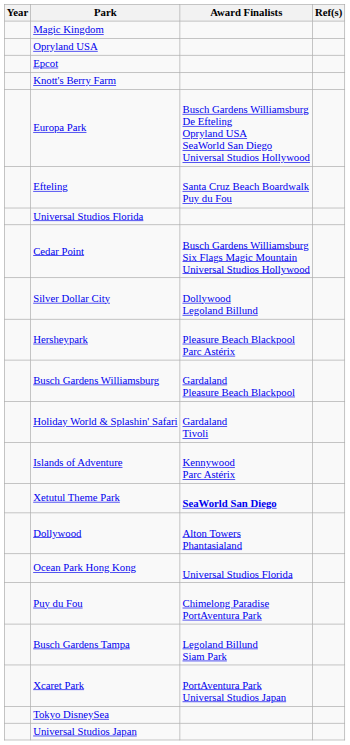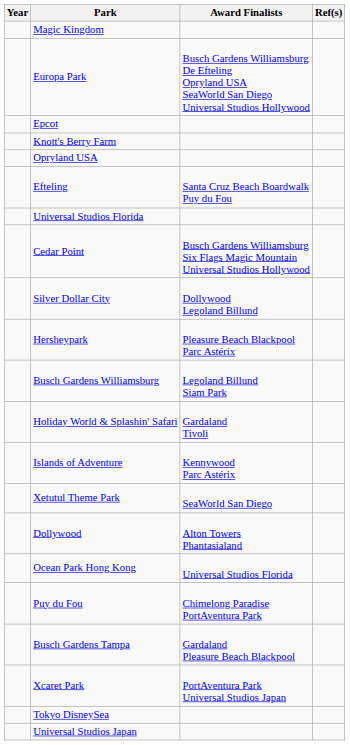 <table class="wikitable sortable">
 <tr>
 <th>Year</th>
 <th>Park</th>
 <th class="unsortable">Award Finalists</th>
 <th class="unsortable">Ref(s)</th>
 </tr>
 <tr>
 <td></td>
 <td> <a href='#'>Magic Kingdom</a></td>
 <td></td>
 <td></td>
 </tr>
 <tr>
 <td></td>
-<td> <a href='#'>Opryland USA</a></td>
-<td></td>
+<td> <a href='#'>Europa Park</a></td>
+<td><br><a href='#'>Busch Gardens Williamsburg</a> <br><a href='#'>De Efteling</a> <br><a href='#'>Opryland USA</a> <br><a href='#'>SeaWorld San Diego</a> <br><a href='#'>Universal Studios Hollywood</a></td>
 <td></td>
 </tr>
 <tr>
 <td></td>
 <td> <a href='#'>Epcot</a></td>
 <td></td>
 <td></td>
 </tr>
 <tr>
 <td></td>
 <td> <a href='#'>Knott's Berry Farm</a></td>
 <td></td>
 <td></td>
 </tr>
 <tr>
 <td></td>
-<td> <a href='#'>Europa Park</a></td>
-<td><br><a href='#'>Busch Gardens Williamsburg</a> <br><a href='#'>De Efteling</a> <br><a href='#'>Opryland USA</a> <br><a href='#'>SeaWorld San Diego</a> <br><a href='#'>Universal Studios Hollywood</a></td>
+<td> <a href='#'>Opryland USA</a></td>
+<td></td>
 <td></td>
 </tr>
 <tr>
 <td></td>
 <td> <a href='#'>Efteling</a></td>
 <td><br><a href='#'>Santa Cruz Beach Boardwalk</a> <br><a href='#'>Puy du Fou</a></td>
 <td></td>
 </tr>
 <tr>
 <td></td>
 <td> <a href='#'>Universal Studios Florida</a></td>
 <td></td>
 <td></td>
 </tr>
 <tr>
 <td></td>
 <td> <a href='#'>Cedar Point</a></td>
 <td><br><a href='#'>Busch Gardens Williamsburg</a> <br><a href='#'>Six Flags Magic Mountain</a> <br><a href='#'>Universal Studios Hollywood</a></td>
 <td></td>
 </tr>
 <tr>
 <td></td>
 <td> <a href='#'>Silver Dollar City</a></td>
 <td><br><a href='#'>Dollywood</a> <br><a href='#'>Legoland Billund</a></td>
 <td></td>
 </tr>
 <tr>
 <td></td>
 <td> <a href='#'>Hersheypark</a></td>
 <td><br><a href='#'>Pleasure Beach Blackpool</a> <br><a href='#'>Parc Astérix</a></td>
 <td></td>
 </tr>
 <tr>
 <td></td>
 <td> <a href='#'>Busch Gardens Williamsburg</a></td>
-<td><br><a href='#'>Gardaland</a> <br><a href='#'>Pleasure Beach Blackpool</a></td>
+<td><br> <a href='#'>Legoland Billund</a> <br> <a href='#'>Siam Park</a></td>
 <td></td>
 </tr>
 <tr>
 <td></td>
 <td> <a href='#'>Holiday World & Splashin' Safari</a></td>
 <td><br><a href='#'>Gardaland</a> <br><a href='#'>Tivoli</a></td>
 <td></td>
 </tr>
 <tr>
 <td></td>
 <td> <a href='#'>Islands of Adventure</a></td>
 <td><br><a href='#'>Kennywood</a> <br><a href='#'>Parc Astérix</a></td>
 <td></td>
 </tr>
 <tr>
 <td></td>
 <td> <a href='#'>Xetutul Theme Park</a></td>
-<td><strong><br><a href='#'>SeaWorld San Diego</a></strong></td>
+<td><br><a href='#'>SeaWorld San Diego</a></td>
 <td></td>
 </tr>
 <tr>
 <td></td>
 <td> <a href='#'>Dollywood</a></td>
 <td><br><a href='#'>Alton Towers</a> <br><a href='#'>Phantasialand</a></td>
 <td></td>
 </tr>
 <tr>
 <td></td>
 <td> <a href='#'>Ocean Park Hong Kong</a></td>
 <td><br><a href='#'>Universal Studios Florida</a></td>
 <td></td>
 </tr>
 <tr>
 <td></td>
 <td> <a href='#'>Puy du Fou</a></td>
 <td><br><a href='#'>Chimelong Paradise</a> <br><a href='#'>PortAventura Park</a></td>
 <td></td>
 </tr>
 <tr>
 <td></td>
 <td> <a href='#'>Busch Gardens Tampa</a></td>
-<td><br> <a href='#'>Legoland Billund</a> <br> <a href='#'>Siam Park</a></td>
+<td><br><a href='#'>Gardaland</a> <br><a href='#'>Pleasure Beach Blackpool</a></td>
 <td></td>
 </tr>
 <tr>
 <td></td>
 <td> <a href='#'>Xcaret Park</a></td>
 <td><br> <a href='#'>PortAventura Park</a> <br> <a href='#'>Universal Studios Japan</a></td>
 <td></td>
 </tr>
 <tr>
 <td></td>
 <td> <a href='#'>Tokyo DisneySea</a></td>
 <td></td>
 <td></td>
 </tr>
 <tr>
 <td></td>
 <td> <a href='#'>Universal Studios Japan</a></td>
 <td></td>
 <td></td>
 </tr>
 </table>
